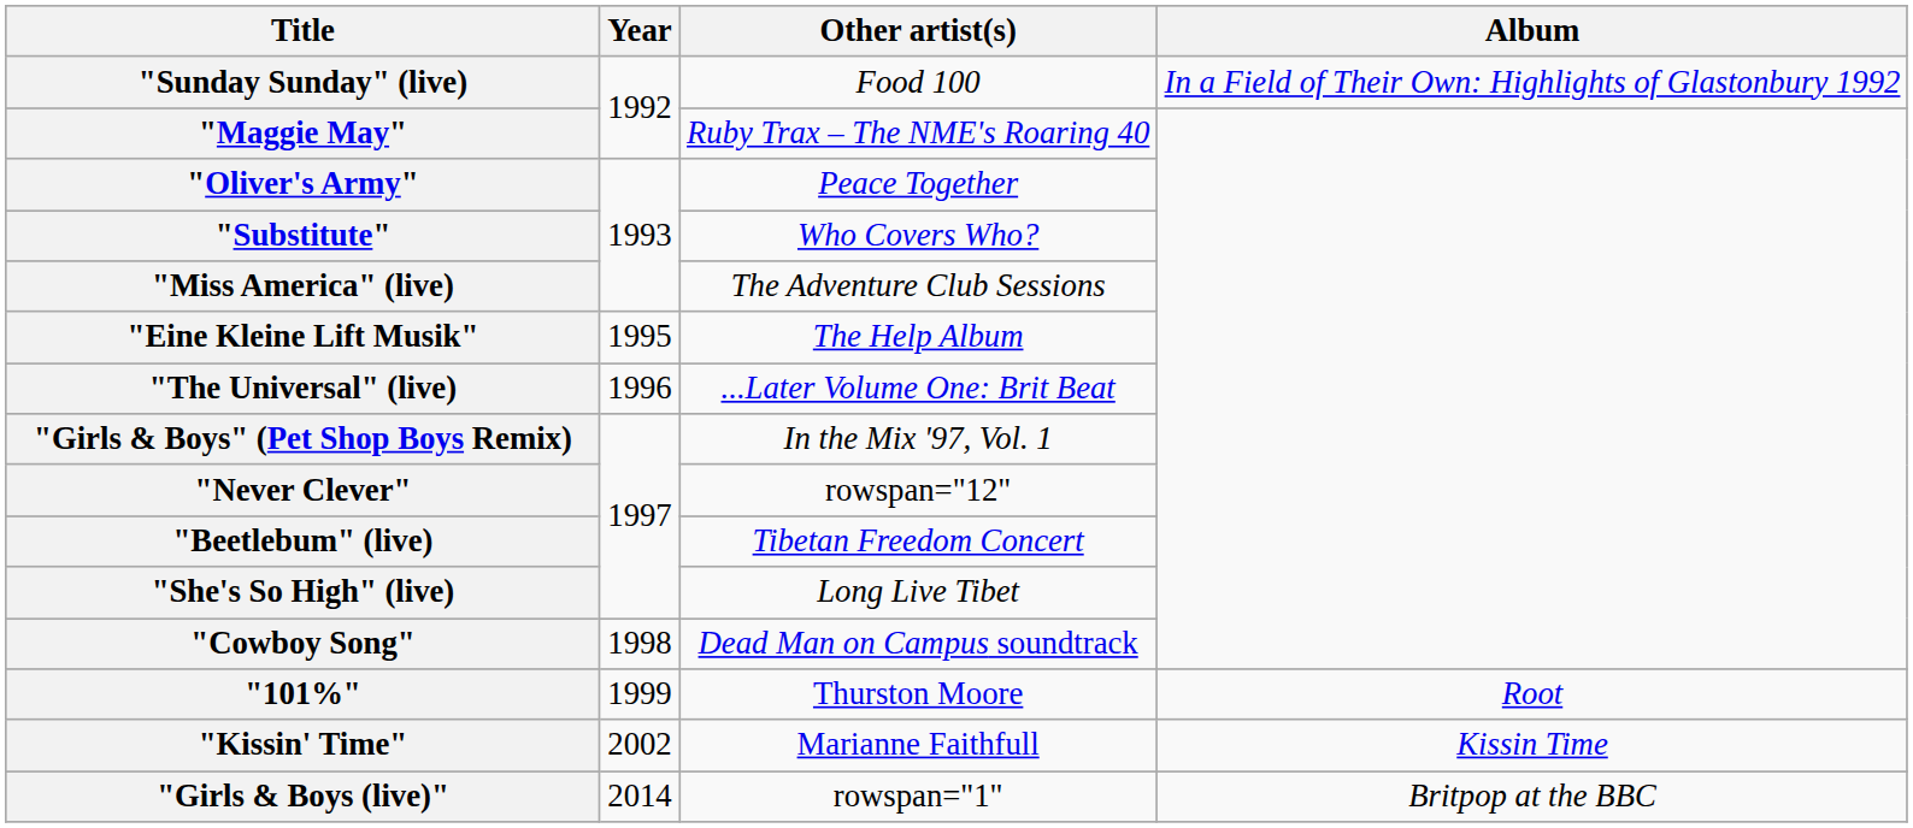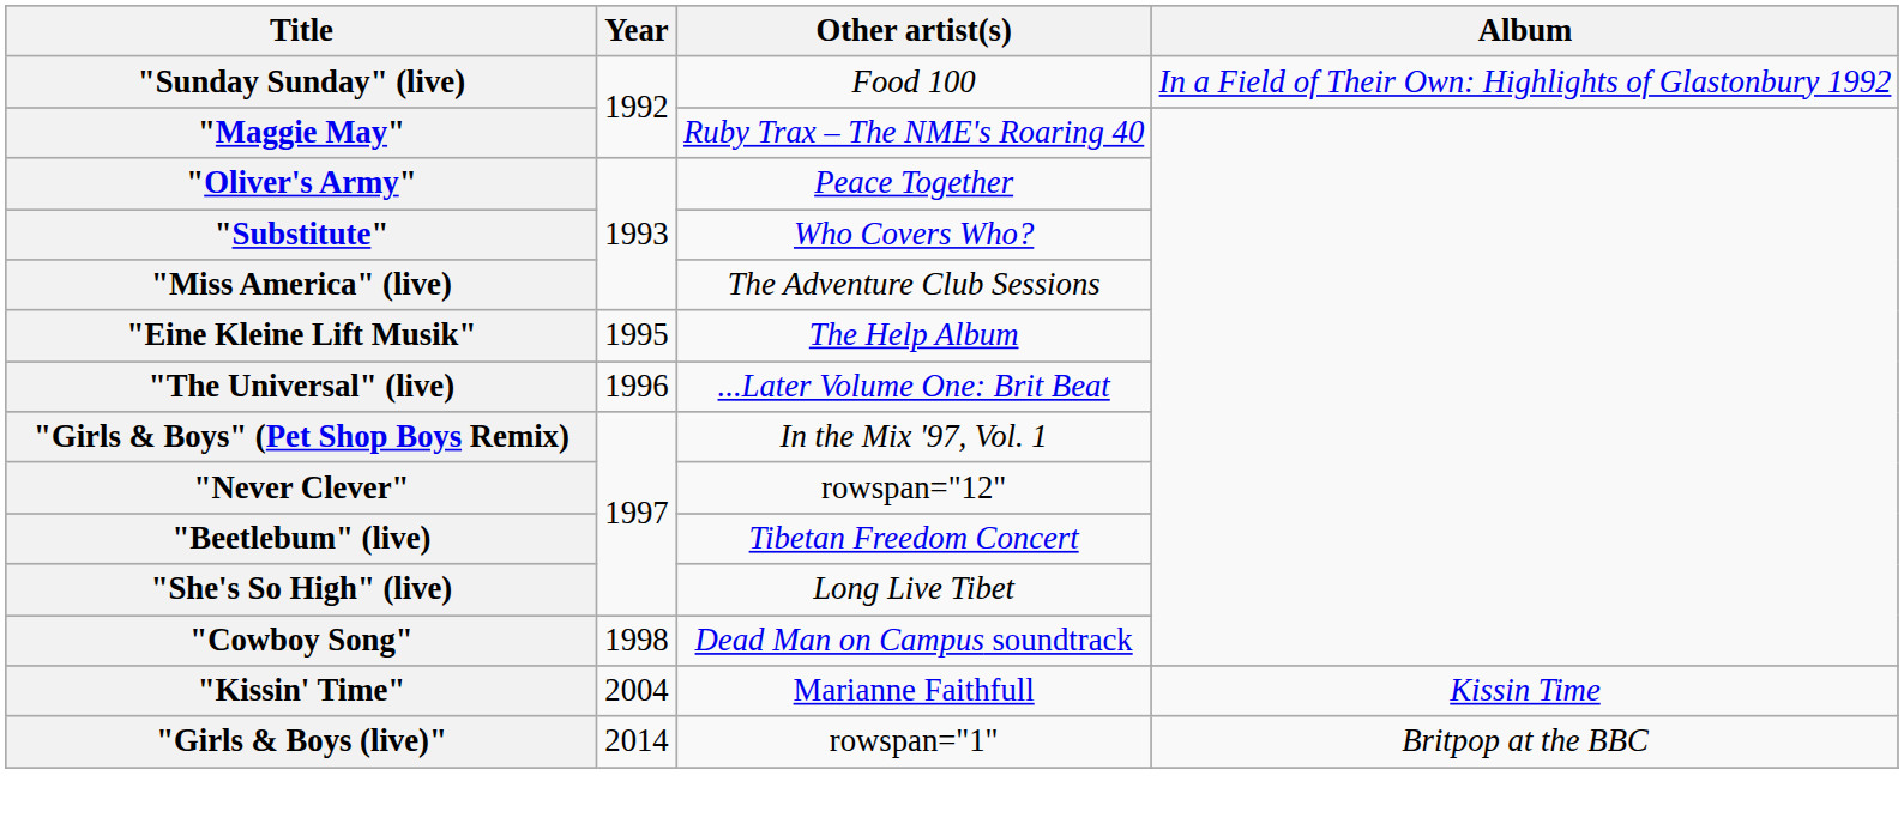 <table class="wikitable plainrowheaders" style="text-align:center;" border="1">
 <tr>
 <th scope="col" style="width:18em;">Title</th>
 <th scope="col">Year</th>
 <th scope="col">Other artist(s)</th>
 <th scope="col">Album</th>
 </tr>
 <tr>
 <th scope="row">"Sunday Sunday" (live)</th>
 <td rowspan="2">1992</td>
 <td><em>Food 100</em></td>
 <td><em><a href='#'>In a Field of Their Own: Highlights of Glastonbury 1992</a></em></td>
 </tr>
 <tr>
 <th scope="row">"<a href='#'>Maggie May</a>"</th>
 <td><em><a href='#'>Ruby Trax – The NME's Roaring 40</a></em></td>
 </tr>
 <tr>
 <th scope="row">"<a href='#'>Oliver's Army</a>"</th>
 <td rowspan="3">1993</td>
 <td><em><a href='#'>Peace Together</a></em></td>
 </tr>
 <tr>
 <th scope="row">"<a href='#'>Substitute</a>"</th>
 <td><em><a href='#'>Who Covers Who?</a></em></td>
 </tr>
 <tr>
 <th scope="row">"Miss America" (live)</th>
 <td><em>The Adventure Club Sessions</em></td>
 </tr>
 <tr>
 <th scope="row">"Eine Kleine Lift Musik"</th>
 <td>1995</td>
 <td><em><a href='#'>The Help Album</a></em></td>
 </tr>
 <tr>
 <th scope="row">"The Universal" (live)</th>
 <td>1996</td>
 <td><em><a href='#'>...Later Volume One: Brit Beat</a></em></td>
 </tr>
 <tr>
 <th scope="row">"Girls & Boys" (<a href='#'>Pet Shop Boys</a> Remix)</th>
 <td rowspan="4">1997</td>
 <td><em>In the Mix '97, Vol. 1</em></td>
 </tr>
 <tr>
 <th scope="row">"Never Clever"</th>
 <td>rowspan="12" </td>
 </tr>
 <tr>
 <th scope="row">"Beetlebum" (live)</th>
 <td><em><a href='#'>Tibetan Freedom Concert</a></em></td>
 </tr>
 <tr>
 <th scope="row">"She's So High" (live)</th>
 <td><em>Long Live Tibet</em></td>
 </tr>
 <tr>
 <th scope="row">"Cowboy Song"</th>
 <td>1998</td>
 <td><a href='#'><em>Dead Man on Campus</em> soundtrack</a></td>
 </tr>
 <tr>
-<th scope="row">"101%"</th>
-<td>1999</td>
-<td><a href='#'>Thurston Moore</a></td>
-<td><em><a href='#'>Root</a></em></td>
-</tr>
-<tr>
 <th scope="row">"Kissin' Time"</th>
-<td>2002</td>
+<td>2004</td>
 <td><a href='#'>Marianne Faithfull</a></td>
 <td><em><a href='#'>Kissin Time</a></em></td>
 </tr>
 <tr>
 <th scope="row">"Girls & Boys (live)"</th>
 <td>2014</td>
 <td>rowspan="1" </td>
 <td><em>Britpop at the BBC</em></td>
 </tr>
 </table>
